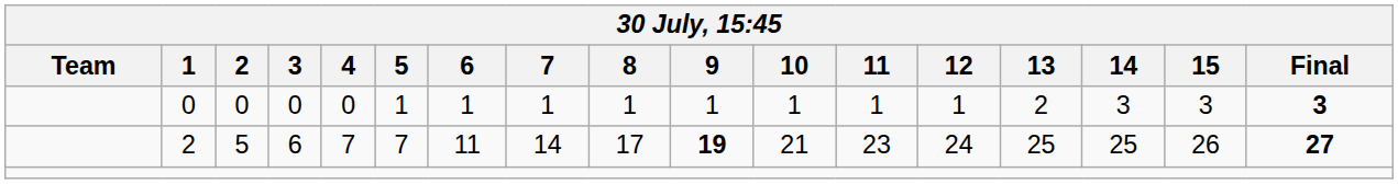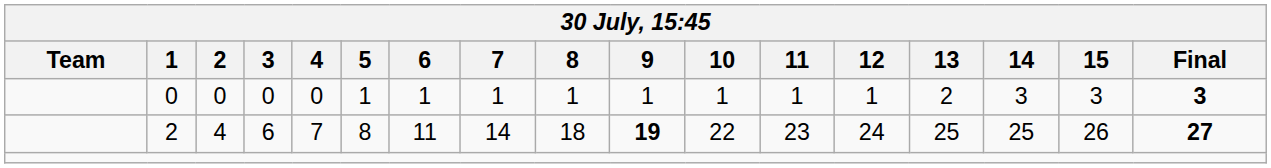 <table class=wikitable style="text-align:center; width: 55%">
 <tr>
 <th colspan=17><em>30 July, 15:45</em></th>
 </tr>
 <tr>
 <th>Team</th>
 <th>1</th>
 <th>2</th>
 <th>3</th>
 <th>4</th>
 <th>5</th>
 <th>6</th>
 <th>7</th>
 <th>8</th>
 <th>9</th>
 <th>10</th>
 <th>11</th>
 <th>12</th>
 <th>13</th>
 <th>14</th>
 <th>15</th>
 <th>Final</th>
 </tr>
 <tr>
 <td align=left></td>
 <td>0</td>
 <td>0</td>
 <td>0</td>
 <td>0</td>
 <td>1</td>
 <td>1</td>
 <td>1</td>
 <td>1</td>
 <td>1</td>
 <td>1</td>
 <td>1</td>
 <td>1</td>
 <td>2</td>
 <td>3</td>
 <td>3</td>
 <td><strong>3</strong></td>
 </tr>
 <tr>
 <td align=left><strong></strong></td>
 <td>2</td>
-<td>5</td>
+<td>4</td>
 <td>6</td>
 <td>7</td>
-<td>7</td>
+<td>8</td>
 <td>11</td>
 <td>14</td>
-<td>17</td>
+<td>18</td>
 <td><strong>19</strong></td>
-<td>21</td>
+<td>22</td>
 <td>23</td>
 <td>24</td>
 <td>25</td>
 <td>25</td>
 <td>26</td>
 <td><strong>27</strong></td>
 </tr>
 <tr>
 <td colspan=17></td>
 </tr>
 </table>
